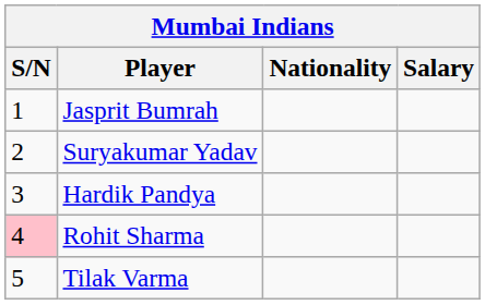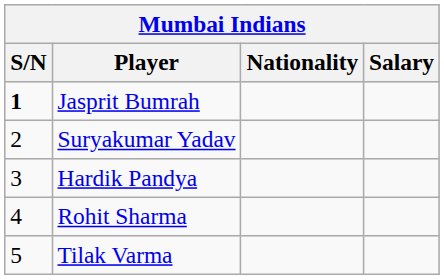 <table class="wikitable" style="font-size:95%;">
 <tr>
 <th scope="colgroup" colspan="4" style="background:#"><a href='#'><span>Mumbai Indians</span></a></th>
 </tr>
 <tr>
 <th scope="col">S/N</th>
 <th scope="col">Player</th>
 <th scope="col">Nationality</th>
 <th scope="col">Salary</th>
 </tr>
 <tr>
-<td>1</td>
+<td><strong>1</strong></td>
 <td><a href='#'>Jasprit Bumrah</a></td>
 <td></td>
 <td></td>
 </tr>
 <tr>
 <td>2</td>
 <td><a href='#'>Suryakumar Yadav</a></td>
 <td></td>
 <td></td>
 </tr>
 <tr>
 <td>3</td>
 <td><a href='#'>Hardik Pandya</a></td>
 <td></td>
 <td></td>
 </tr>
 <tr>
-<td style="background: pink;">4</td>
+<td>4</td>
 <td><a href='#'>Rohit Sharma</a></td>
 <td></td>
 <td></td>
 </tr>
 <tr>
 <td>5</td>
 <td><a href='#'>Tilak Varma</a></td>
 <td></td>
 <td></td>
 </tr>
 </table>
